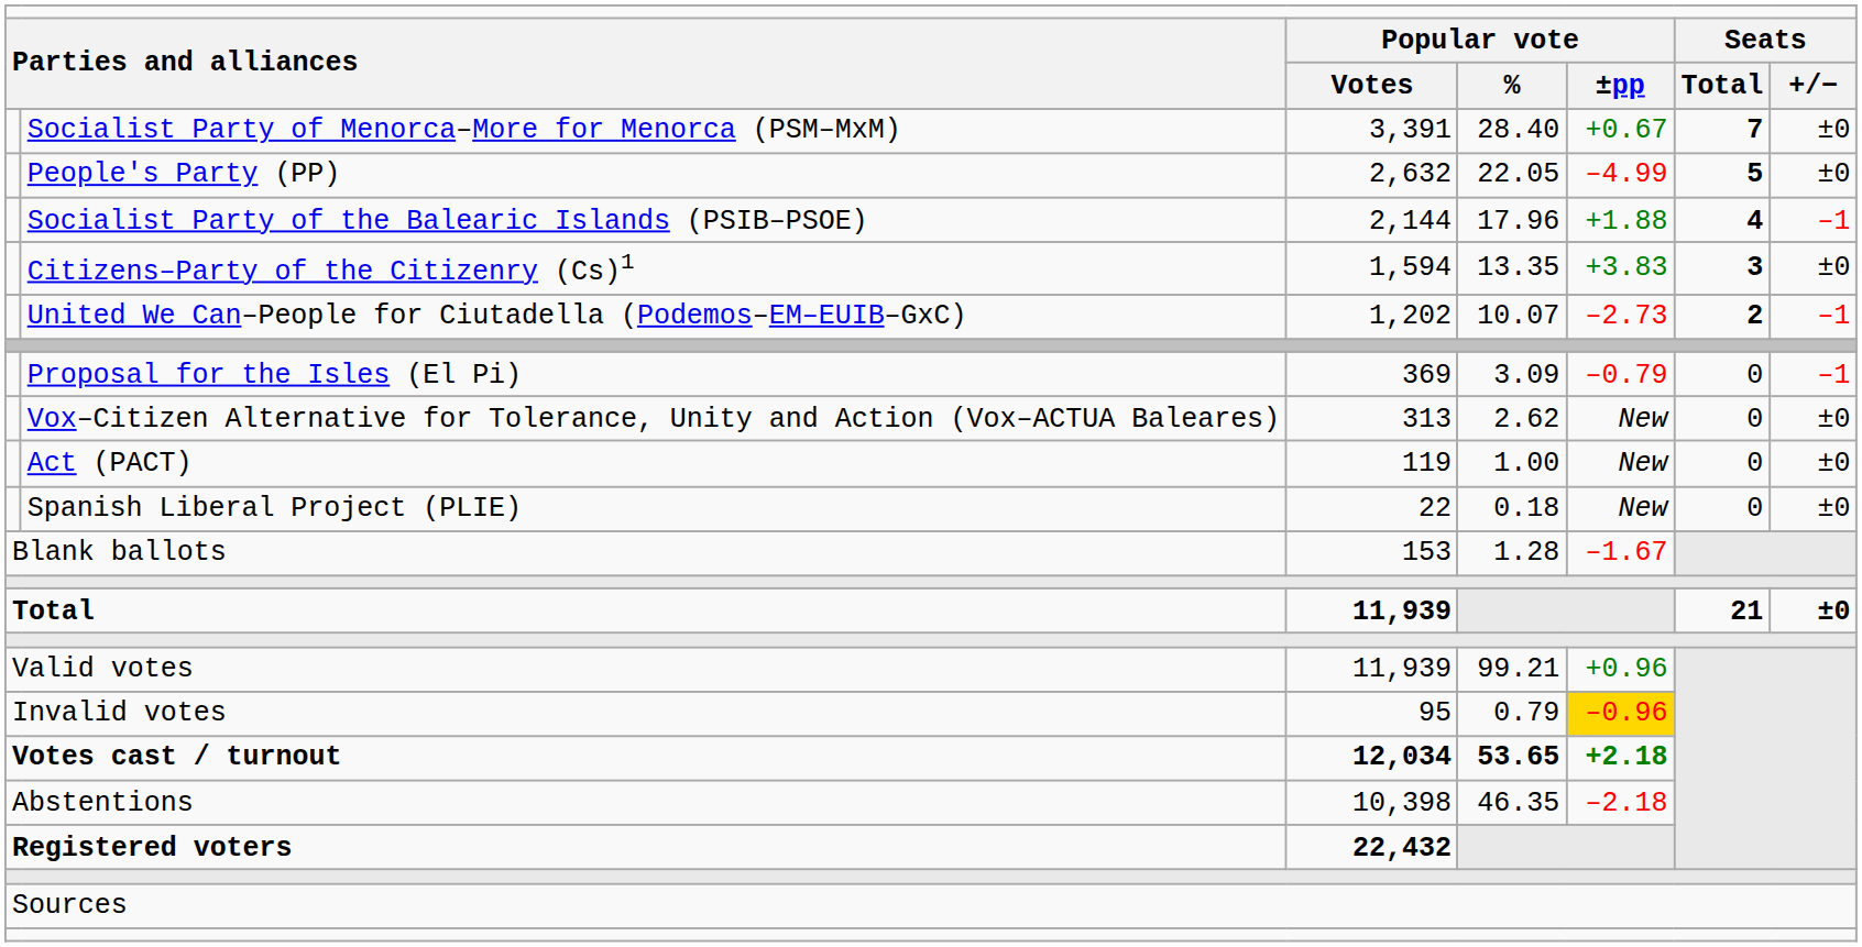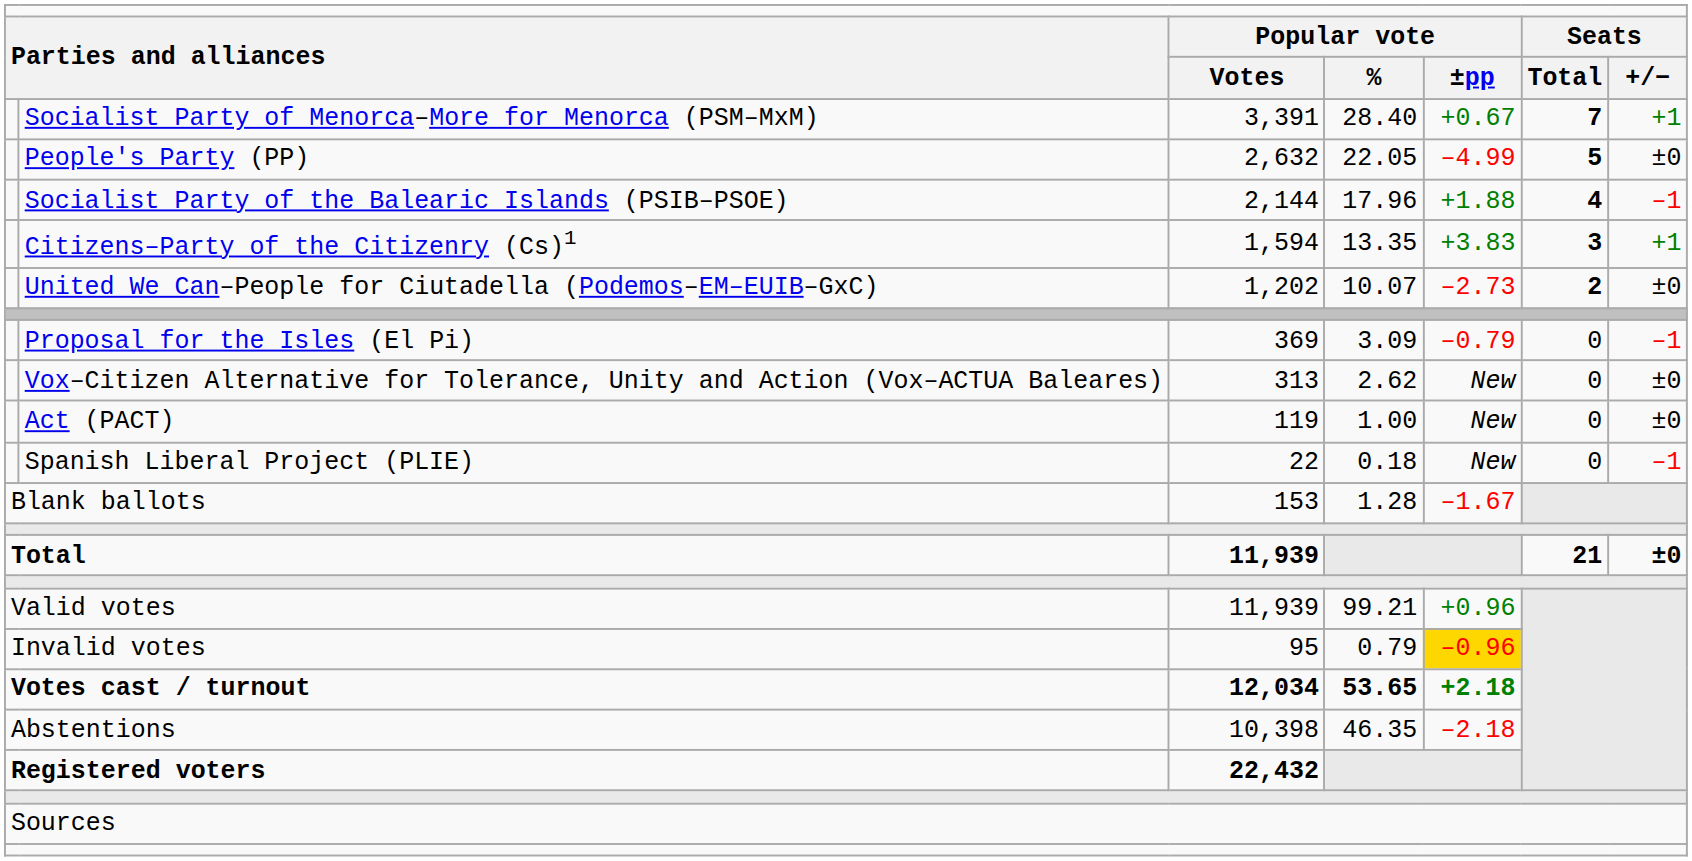 <table class="wikitable" style="text-align:right;">
 <tr>
 <td colspan="7"></td>
 </tr>
 <tr>
 <th style="text-align:left;" rowspan="2" colspan="2" width="525">Parties and alliances</th>
 <th colspan="3">Popular vote</th>
 <th colspan="2">Seats</th>
 </tr>
 <tr>
 <th width="75">Votes</th>
 <th width="45">%</th>
 <th width="45">±<a href='#'>pp</a></th>
 <th width="35">Total</th>
 <th width="35">+/−</th>
 </tr>
 <tr>
 <td width="1" style="color:inherit;background:"></td>
 <td align="left"><a href='#'>Socialist Party of Menorca</a>–<a href='#'>More for Menorca</a> (PSM–MxM)</td>
 <td>3,391</td>
 <td>28.40</td>
 <td style="color:green;">+0.67</td>
 <td><strong>7</strong></td>
-<td>±0</td>
+<td style="color:green;">+1</td>
 </tr>
 <tr>
 <td style="color:inherit;background:"></td>
 <td align="left"><a href='#'>People's Party</a> (PP)</td>
 <td>2,632</td>
 <td>22.05</td>
 <td style="color:red;">–4.99</td>
 <td><strong>5</strong></td>
 <td>±0</td>
 </tr>
 <tr>
 <td style="color:inherit;background:"></td>
 <td align="left"><a href='#'>Socialist Party of the Balearic Islands</a> (PSIB–PSOE)</td>
 <td>2,144</td>
 <td>17.96</td>
 <td style="color:green;">+1.88</td>
 <td><strong>4</strong></td>
 <td style="color:red;">–1</td>
 </tr>
 <tr>
 <td style="color:inherit;background:"></td>
 <td align="left"><a href='#'>Citizens–Party of the Citizenry</a> (Cs)<sup>1</sup></td>
 <td>1,594</td>
 <td>13.35</td>
 <td style="color:green;">+3.83</td>
 <td><strong>3</strong></td>
-<td>±0</td>
+<td style="color:green;">+1</td>
 </tr>
 <tr>
 <td style="color:inherit;background:"></td>
 <td align="left"><a href='#'>United We Can</a>–People for Ciutadella (<a href='#'>Podemos</a>–<a href='#'>EM–EUIB</a>–GxC)</td>
 <td>1,202</td>
 <td>10.07</td>
 <td style="color:red;">–2.73</td>
 <td><strong>2</strong></td>
-<td style="color:red;">–1</td>
+<td>±0</td>
 </tr>
 <tr>
 <td colspan="7" bgcolor="#C0C0C0"></td>
 </tr>
 <tr>
 <td style="color:inherit;background:"></td>
 <td align="left"><a href='#'>Proposal for the Isles</a> (El Pi)</td>
 <td>369</td>
 <td>3.09</td>
 <td style="color:red;">–0.79</td>
 <td>0</td>
 <td style="color:red;">–1</td>
 </tr>
 <tr>
 <td style="color:inherit;background:"></td>
 <td align="left"><a href='#'>Vox</a>–Citizen Alternative for Tolerance, Unity and Action (Vox–ACTUA Baleares)</td>
 <td>313</td>
 <td>2.62</td>
 <td><em>New</em></td>
 <td>0</td>
 <td>±0</td>
 </tr>
 <tr>
 <td style="color:inherit;background:"></td>
 <td align="left"><a href='#'>Act</a> (PACT)</td>
 <td>119</td>
 <td>1.00</td>
 <td><em>New</em></td>
 <td>0</td>
 <td>±0</td>
 </tr>
 <tr>
 <td style="color:inherit;background:"></td>
 <td align="left">Spanish Liberal Project (PLIE)</td>
 <td>22</td>
 <td>0.18</td>
 <td><em>New</em></td>
 <td>0</td>
-<td>±0</td>
+<td style="color:red;">–1</td>
 </tr>
 <tr>
 <td align="left" colspan="2">Blank ballots</td>
 <td>153</td>
 <td>1.28</td>
 <td style="color:red;">–1.67</td>
 <td bgcolor="#E9E9E9" colspan="2"></td>
 </tr>
 <tr>
 <td colspan="7" bgcolor="#E9E9E9"></td>
 </tr>
 <tr style="font-weight:bold;">
 <td align="left" colspan="2">Total</td>
 <td>11,939</td>
 <td bgcolor="#E9E9E9" colspan="2"></td>
 <td>21</td>
 <td>±0</td>
 </tr>
 <tr>
 <td colspan="7" bgcolor="#E9E9E9"></td>
 </tr>
 <tr>
 <td align="left" colspan="2">Valid votes</td>
 <td>11,939</td>
 <td>99.21</td>
 <td style="color:green;">+0.96</td>
 <td bgcolor="#E9E9E9" colspan="2" rowspan="5"></td>
 </tr>
 <tr>
 <td align="left" colspan="2">Invalid votes</td>
 <td>95</td>
 <td>0.79</td>
 <td style="background: gold; color:red;">–0.96</td>
 </tr>
 <tr style="font-weight:bold;">
 <td align="left" colspan="2">Votes cast / turnout</td>
 <td>12,034</td>
 <td>53.65</td>
 <td style="color:green;">+2.18</td>
 </tr>
 <tr>
 <td align="left" colspan="2">Abstentions</td>
 <td>10,398</td>
 <td>46.35</td>
 <td style="color:red;">–2.18</td>
 </tr>
 <tr style="font-weight:bold;">
 <td align="left" colspan="2">Registered voters</td>
 <td>22,432</td>
 <td bgcolor="#E9E9E9" colspan="2"></td>
 </tr>
 <tr>
 <td colspan="7" bgcolor="#E9E9E9"></td>
 </tr>
 <tr>
 <td align="left" colspan="7">Sources</td>
 </tr>
 <tr>
 <td colspan="7" style="text-align:left; max-width:790px;"></td>
 </tr>
 </table>
